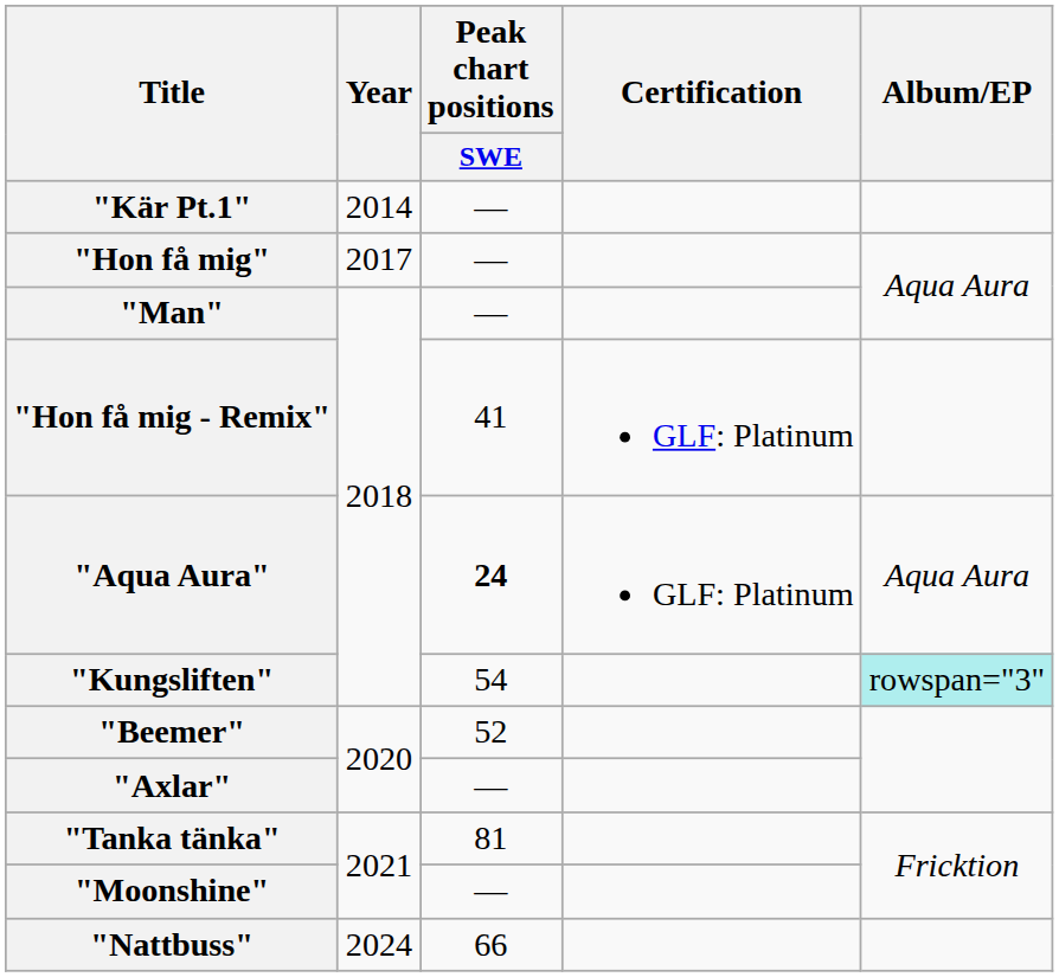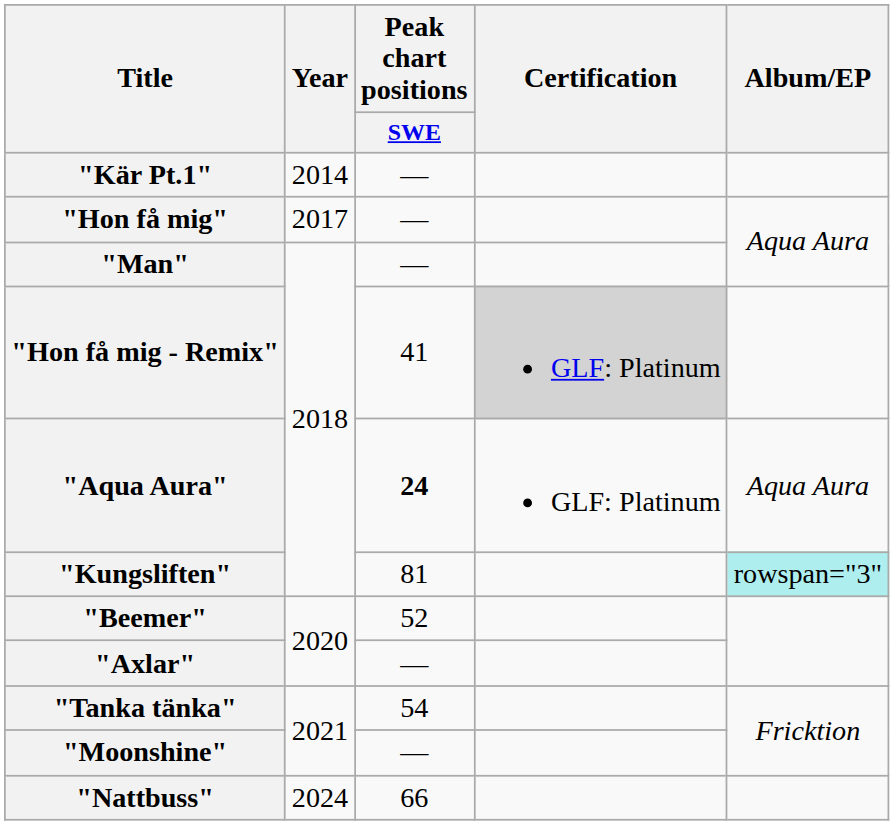 <table class="wikitable plainrowheaders" style="text-align:center">
 <tr>
 <th scope="col" rowspan="2">Title</th>
 <th scope="col" rowspan="2">Year</th>
 <th scope="col" colspan="1">Peak chart positions</th>
 <th scope="col" rowspan="2">Certification</th>
 <th scope="col" rowspan="2">Album/EP</th>
 </tr>
 <tr>
 <th scope="col" style="width:3em;font-size:85%;"><a href='#'>SWE</a><br></th>
 </tr>
 <tr>
 <th scope="row">"Kär Pt.1"</th>
 <td>2014</td>
 <td>—</td>
 <td></td>
 <td></td>
 </tr>
 <tr>
 <th scope="row">"Hon få mig"</th>
 <td>2017</td>
 <td>—</td>
 <td></td>
 <td rowspan="2"><em>Aqua Aura</em></td>
 </tr>
 <tr>
 <th scope="row">"Man"<br></th>
 <td rowspan="4">2018</td>
 <td>—</td>
 <td></td>
 </tr>
 <tr>
 <th scope="row">"Hon få mig - Remix"<br></th>
 <td>41<br></td>
-<td><br><ul><li><a href='#'>GLF</a>: Platinum</li></ul></td>
+<td style="background: lightgrey;"><br><ul><li><a href='#'>GLF</a>: Platinum</li></ul></td>
 <td></td>
 </tr>
 <tr>
 <th scope="row">"Aqua Aura"</th>
 <td><strong>24</strong></td>
 <td><br><ul><li>GLF: Platinum</li></ul></td>
 <td><em>Aqua Aura</em></td>
 </tr>
 <tr>
 <th scope="row">"Kungsliften"<br></th>
-<td>54</td>
+<td>81<br></td>
 <td></td>
 <td style="background: paleturquoise;">rowspan="3" </td>
 </tr>
 <tr>
 <th scope="row">"Beemer"</th>
 <td rowspan="2">2020</td>
 <td>52</td>
 <td></td>
 </tr>
 <tr>
 <th scope="row">"Axlar"</th>
 <td>—</td>
 <td></td>
 </tr>
 <tr>
 <th scope="row">"Tanka tänka"</th>
 <td rowspan="2">2021</td>
-<td>81<br></td>
+<td>54</td>
 <td></td>
 <td rowspan="2"><em>Fricktion</em></td>
 </tr>
 <tr>
 <th scope="row">"Moonshine"</th>
 <td>—</td>
 <td></td>
 </tr>
 <tr>
 <th scope="row">"Nattbuss"</th>
 <td>2024</td>
 <td>66<br></td>
 <td></td>
 <td></td>
 </tr>
 </table>
